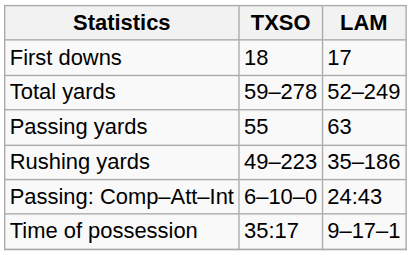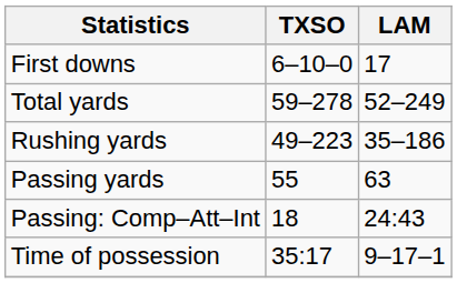 <table class="wikitable" style="float: left;">
 <tr>
 <th>Statistics</th>
 <th>TXSO</th>
 <th>LAM</th>
 </tr>
 <tr>
 <td>First downs</td>
-<td>18</td>
+<td>6–10–0</td>
 <td>17</td>
 </tr>
 <tr>
 <td>Total yards</td>
 <td>59–278</td>
 <td>52–249</td>
 </tr>
 <tr>
+<td>Rushing yards</td>
+<td>49–223</td>
+<td>35–186</td>
+</tr>
+<tr>
 <td>Passing yards</td>
 <td>55</td>
 <td>63</td>
 </tr>
 <tr>
-<td>Rushing yards</td>
-<td>49–223</td>
-<td>35–186</td>
-</tr>
-<tr>
 <td>Passing: Comp–Att–Int</td>
-<td>6–10–0</td>
+<td>18</td>
 <td>24:43</td>
 </tr>
 <tr>
 <td>Time of possession</td>
 <td>35:17</td>
 <td>9–17–1</td>
 </tr>
 <tr>
 </tr>
 </table>
